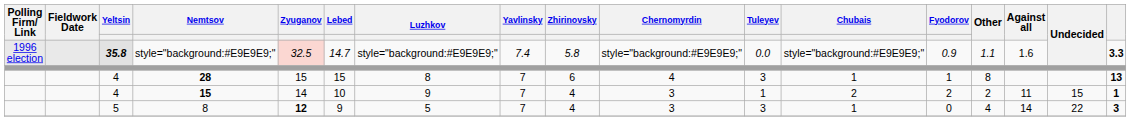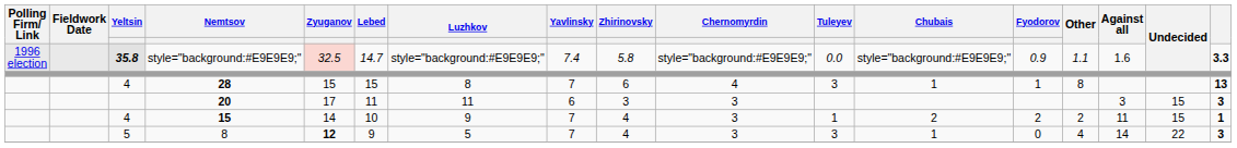 <table class="wikitable tpl-blanktable" style="text-align:center;font-size:90%;line-height:14px;">
 <tr>
 <th rowspan=2>Polling Firm/<br>Link</th>
 <th rowspan=2>Fieldwork<br>Date</th>
 <th><small><a href='#'>Yeltsin</a></small><br></th>
 <th><small><a href='#'>Nemtsov</a></small><br></th>
 <th> <small><a href='#'>Zyuganov</a></small><br></th>
 <th> <small><a href='#'>Lebed</a></small><br></th>
 <th><br><small><a href='#'>Luzhkov</a></small><br></th>
 <th><small><a href='#'>Yavlinsky</a></small><br></th>
 <th><small><a href='#'>Zhirinovsky</a></small><br></th>
 <th><small><a href='#'>Chernomyrdin</a></small><br></th>
 <th><small><a href='#'>Tuleyev</a></small><br></th>
 <th><small><a href='#'>Chubais</a></small><br></th>
 <th><small><a href='#'>Fyodorov</a></small><br></th>
 <th rowspan=2>Other</th>
 <th rowspan=2>Against all</th>
 <th rowspan=3>Undecided</th>
 <th rowspan=2 style="width:65px;" class=unsortable></th>
 </tr>
 <tr>
 <th data-sort-type="number" style="background:"></th>
 <th data-sort-type="number" style="background:"></th>
 <th data-sort-type="number" style="background:"></th>
 <th data-sort-type="number" style="background:"></th>
 <th data-sort-type="number" style="background:"></th>
 <th data-sort-type="number" style="background:"></th>
 <th data-sort-type="number" style="background:"></th>
 <th data-sort-type="number" style="background:"></th>
 <th data-sort-type="number" style="background:"></th>
 <th data-sort-type="number" style="background:"></th>
 <th data-sort-type="number" style="background:"></th>
 </tr>
 <tr>
 <td style="background:#E9E9E9;"><a href='#'>1996 election<br></a></td>
 <td style="background:#E9E9E9;"></td>
 <td style="background:#E2E2E2" ><strong><em>35.8</em></strong></td>
 <td> style="background:#E9E9E9;" </td>
 <td style="background:#FBD7D2" ><em>32.5</em></td>
 <td><em>14.7</em></td>
 <td> style="background:#E9E9E9;" </td>
 <td><em>7.4</em></td>
 <td><em>5.8</em></td>
 <td> style="background:#E9E9E9;" </td>
 <td><em>0.0</em></td>
 <td> style="background:#E9E9E9;" </td>
 <td><em>0.9</em></td>
 <td><em>1.1</em></td>
 <td>1.6</td>
 <td style="background:"><strong>3.3</strong></td>
 </tr>
 <tr>
 <th colspan="17" style="background:#A0A0A0"></th>
 </tr>
 <tr>
 <td></td>
 <td></td>
 <td>4</td>
 <td><strong>28</strong></td>
 <td>15</td>
 <td>15</td>
 <td>8</td>
 <td>7</td>
 <td>6</td>
 <td>4</td>
 <td>3</td>
 <td>1</td>
 <td>1</td>
 <td>8</td>
 <td> </td>
 <td> </td>
 <td style="background:"><strong>13</strong></td>
 </tr>
 <tr>
 <td></td>
 <td></td>
+<td></td>
+<td><strong>20</strong></td>
+<td>17</td>
+<td>11</td>
+<td>11</td>
+<td>6</td>
+<td>3</td>
+<td>3</td>
+<td> </td>
+<td> </td>
+<td> </td>
+<td> </td>
+<td>3</td>
+<td>15</td>
+<td style="background:"><strong>3</strong></td>
+</tr>
+<tr>
+<td></td>
+<td></td>
 <td>4</td>
 <td><strong>15</strong></td>
 <td>14</td>
 <td>10</td>
 <td>9</td>
 <td>7</td>
 <td>4</td>
 <td>3</td>
 <td>1</td>
 <td>2</td>
 <td>2</td>
 <td>2</td>
 <td>11</td>
 <td>15</td>
 <td style="background:"><strong>1</strong></td>
 </tr>
 <tr>
 <td></td>
 <td></td>
 <td>5</td>
 <td>8</td>
 <td><strong>12</strong></td>
 <td>9</td>
 <td>5</td>
 <td>7</td>
 <td>4</td>
 <td>3</td>
 <td>3</td>
 <td>1</td>
 <td>0</td>
 <td>4</td>
 <td>14</td>
 <td>22</td>
 <td style="background:"><strong>3</strong></td>
 </tr>
 <tr>
 </tr>
 </table>
